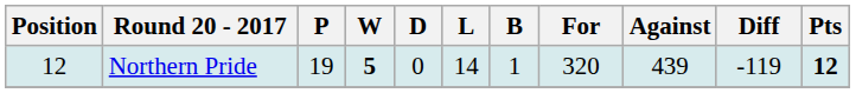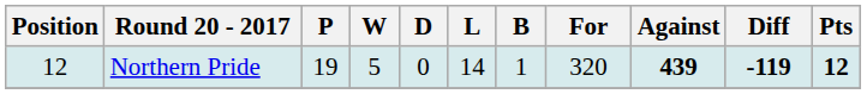 <table class="wikitable" style="text-align:center; font-size:85%;">
 <tr>
 <th width=40 abbr="Position">Position</th>
 <th width=100>Round 20 - 2017</th>
 <th width=20 abbr="Played">P</th>
 <th width=20 abbr="Won">W</th>
 <th width=20 abbr="Drawn">D</th>
 <th width=20 abbr="Lost">L</th>
 <th width=20 abbr="Bye">B</th>
 <th width=40 abbr="Points for">For</th>
 <th width=40 abbr="Points against">Against</th>
 <th width=40 abbr="Points difference">Diff</th>
 <th width=20 abbr="Points">Pts</th>
 </tr>
 <tr style="background: #d7ebed;">
 <td>12</td>
 <td style="text-align:left;"> <a href='#'>Northern Pride</a></td>
 <td>19</td>
-<td><strong>5</strong></td>
+<td>5</td>
 <td>0</td>
 <td>14</td>
 <td>1</td>
 <td>320</td>
-<td>439</td>
-<td>-119</td>
+<td><strong>439</strong></td>
+<td><strong>-119</strong></td>
 <td><strong>12</strong></td>
 </tr>
 <tr>
 </tr>
 </table>
